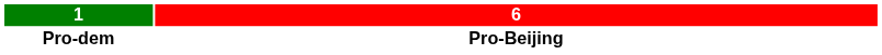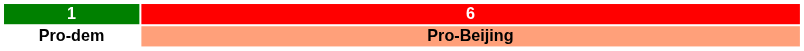 <table style="width:50%; text-align:center;">
 <tr style="color:white;">
 <td style="background:green; width:17%;"><strong>1</strong></td>
 <td style="background:red; width:83%;"><strong>6</strong></td>
 </tr>
 <tr>
 <td><span><strong>Pro-dem</strong></span></td>
-<td><span><strong>Pro-Beijing</strong></span></td>
+<td style="background: lightsalmon;"><span><strong>Pro-Beijing</strong></span></td>
 </tr>
 </table>
